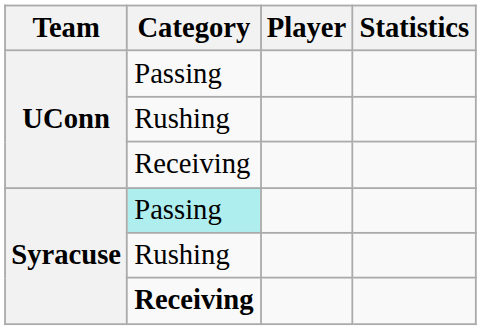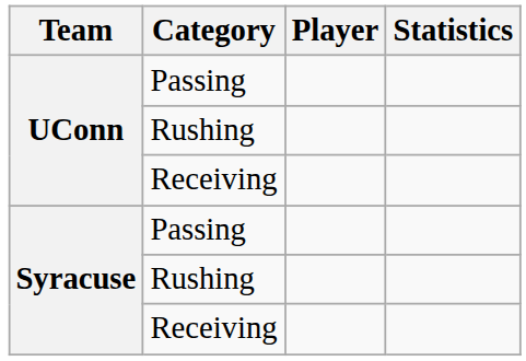 <table class="wikitable" style="float:right">
 <tr>
 <th>Team</th>
 <th>Category</th>
 <th>Player</th>
 <th>Statistics</th>
 </tr>
 <tr>
 <th rowspan=3>UConn</th>
 <td>Passing</td>
 <td></td>
 <td></td>
 </tr>
 <tr>
 <td>Rushing</td>
 <td></td>
 <td></td>
 </tr>
 <tr>
 <td>Receiving</td>
 <td></td>
 <td></td>
 </tr>
 <tr>
 <th rowspan=3>Syracuse</th>
-<td style="background: paleturquoise;">Passing</td>
+<td>Passing</td>
 <td></td>
 <td></td>
 </tr>
 <tr>
 <td>Rushing</td>
 <td></td>
 <td></td>
 </tr>
 <tr>
-<td><strong>Receiving</strong></td>
+<td>Receiving</td>
 <td></td>
 <td></td>
 </tr>
 </table>
